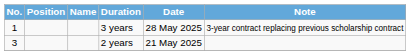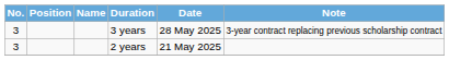 <table class="wikitable sortable">
 <tr>
 <th style="background:#62a8da;color:white">No.</th>
 <th style="background:#62a8da;color:white">Position</th>
 <th style="background:#62a8da;color:white">Name</th>
 <th style="background:#62a8da;color:white">Duration</th>
 <th style="background:#62a8da;color:white">Date</th>
 <th style="background:#62a8da;color:white">Note</th>
 </tr>
 <tr>
-<td style="text-align:center;">1</td>
+<td style="text-align:center;">3</td>
 <td style="text-align:center;"></td>
 <td></td>
 <td>3 years</td>
 <td>28 May 2025</td>
 <td><small>3-year contract replacing previous scholarship contract</small></td>
 </tr>
 <tr>
 <td style="text-align:center;">3</td>
 <td style="text-align:center;"></td>
 <td></td>
 <td>2 years</td>
 <td>21 May 2025</td>
 <td></td>
 </tr>
 <tr>
 </tr>
 </table>
